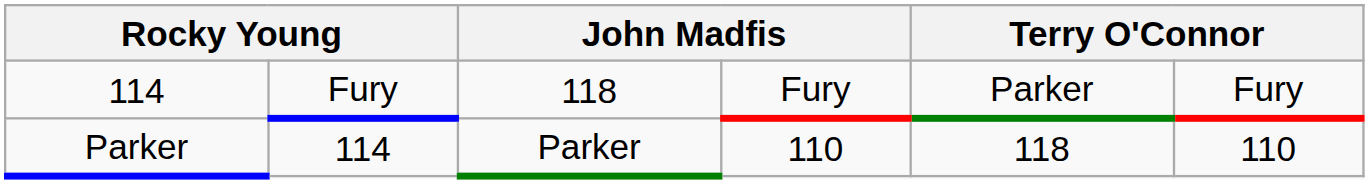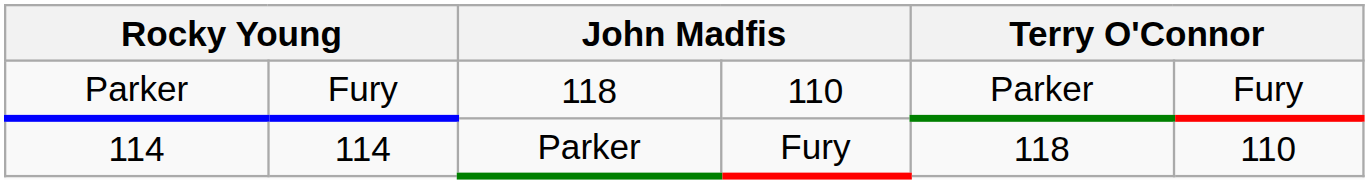 <table class="wikitable" style="text-align:center; font-size: 95%">
 <tr>
 <th colspan=2 style="width:20%">Rocky Young</th>
 <th colspan=2 style="width:20%">John Madfis</th>
 <th colspan=2 style="width:20%">Terry O'Connor</th>
 </tr>
 <tr>
-<td>114</td>
+<td style="border-bottom:3px solid blue;">Parker</td>
 <td style="border-bottom:3px solid blue;">Fury</td>
 <td>118</td>
-<td style="border-bottom:3px solid red;">Fury</td>
+<td>110</td>
 <td style="border-bottom:3px solid green;">Parker</td>
 <td style="border-bottom:3px solid red;">Fury</td>
 </tr>
 <tr>
-<td style="border-bottom:3px solid blue;">Parker</td>
+<td>114</td>
 <td>114</td>
 <td style="border-bottom:3px solid green;">Parker</td>
-<td>110</td>
+<td style="border-bottom:3px solid red;">Fury</td>
 <td>118</td>
 <td>110</td>
 </tr>
 </table>
